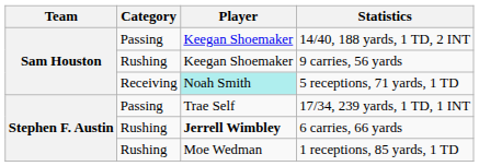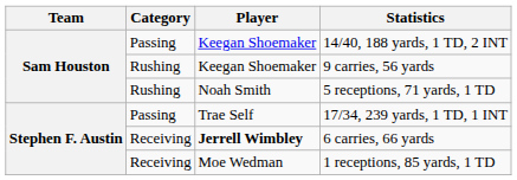 <table class="wikitable" style="float:right">
 <tr>
 <th>Team</th>
 <th>Category</th>
 <th>Player</th>
 <th>Statistics</th>
 </tr>
 <tr>
 <th rowspan=3>Sam Houston</th>
 <td>Passing</td>
 <td><a href='#'>Keegan Shoemaker</a></td>
 <td>14/40, 188 yards, 1 TD, 2 INT</td>
 </tr>
 <tr>
 <td>Rushing</td>
 <td>Keegan Shoemaker</td>
 <td>9 carries, 56 yards</td>
 </tr>
 <tr>
-<td>Receiving</td>
-<td style="background: paleturquoise;">Noah Smith</td>
+<td>Rushing</td>
+<td>Noah Smith</td>
 <td>5 receptions, 71 yards, 1 TD</td>
 </tr>
 <tr>
 <th rowspan=3>Stephen F. Austin</th>
 <td>Passing</td>
 <td>Trae Self</td>
 <td>17/34, 239 yards, 1 TD, 1 INT</td>
 </tr>
 <tr>
-<td>Rushing</td>
+<td>Receiving</td>
 <td><strong>Jerrell Wimbley</strong></td>
 <td>6 carries, 66 yards</td>
 </tr>
 <tr>
-<td>Rushing</td>
+<td>Receiving</td>
 <td>Moe Wedman</td>
 <td>1 receptions, 85 yards, 1 TD</td>
 </tr>
 </table>
